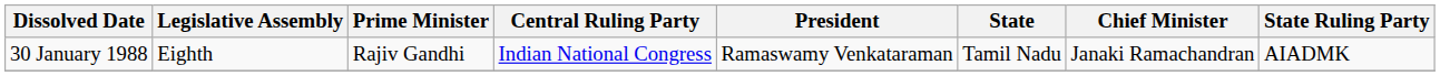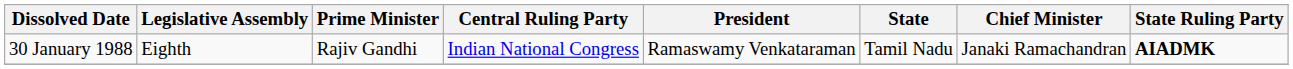 <table class="wikitable sortable">
 <tr>
 <th>Dissolved Date</th>
 <th>Legislative Assembly</th>
 <th>Prime Minister</th>
 <th>Central Ruling Party</th>
 <th>President</th>
 <th>State</th>
 <th>Chief Minister</th>
 <th>State Ruling Party</th>
 </tr>
 <tr>
 <td>30 January 1988</td>
 <td>Eighth</td>
 <td>Rajiv Gandhi</td>
 <td><a href='#'>Indian National Congress</a></td>
 <td>Ramaswamy Venkataraman</td>
 <td>Tamil Nadu</td>
 <td>Janaki Ramachandran</td>
-<td>AIADMK</td>
+<td><strong>AIADMK</strong></td>
 </tr>
 <tr>
 </tr>
 </table>
